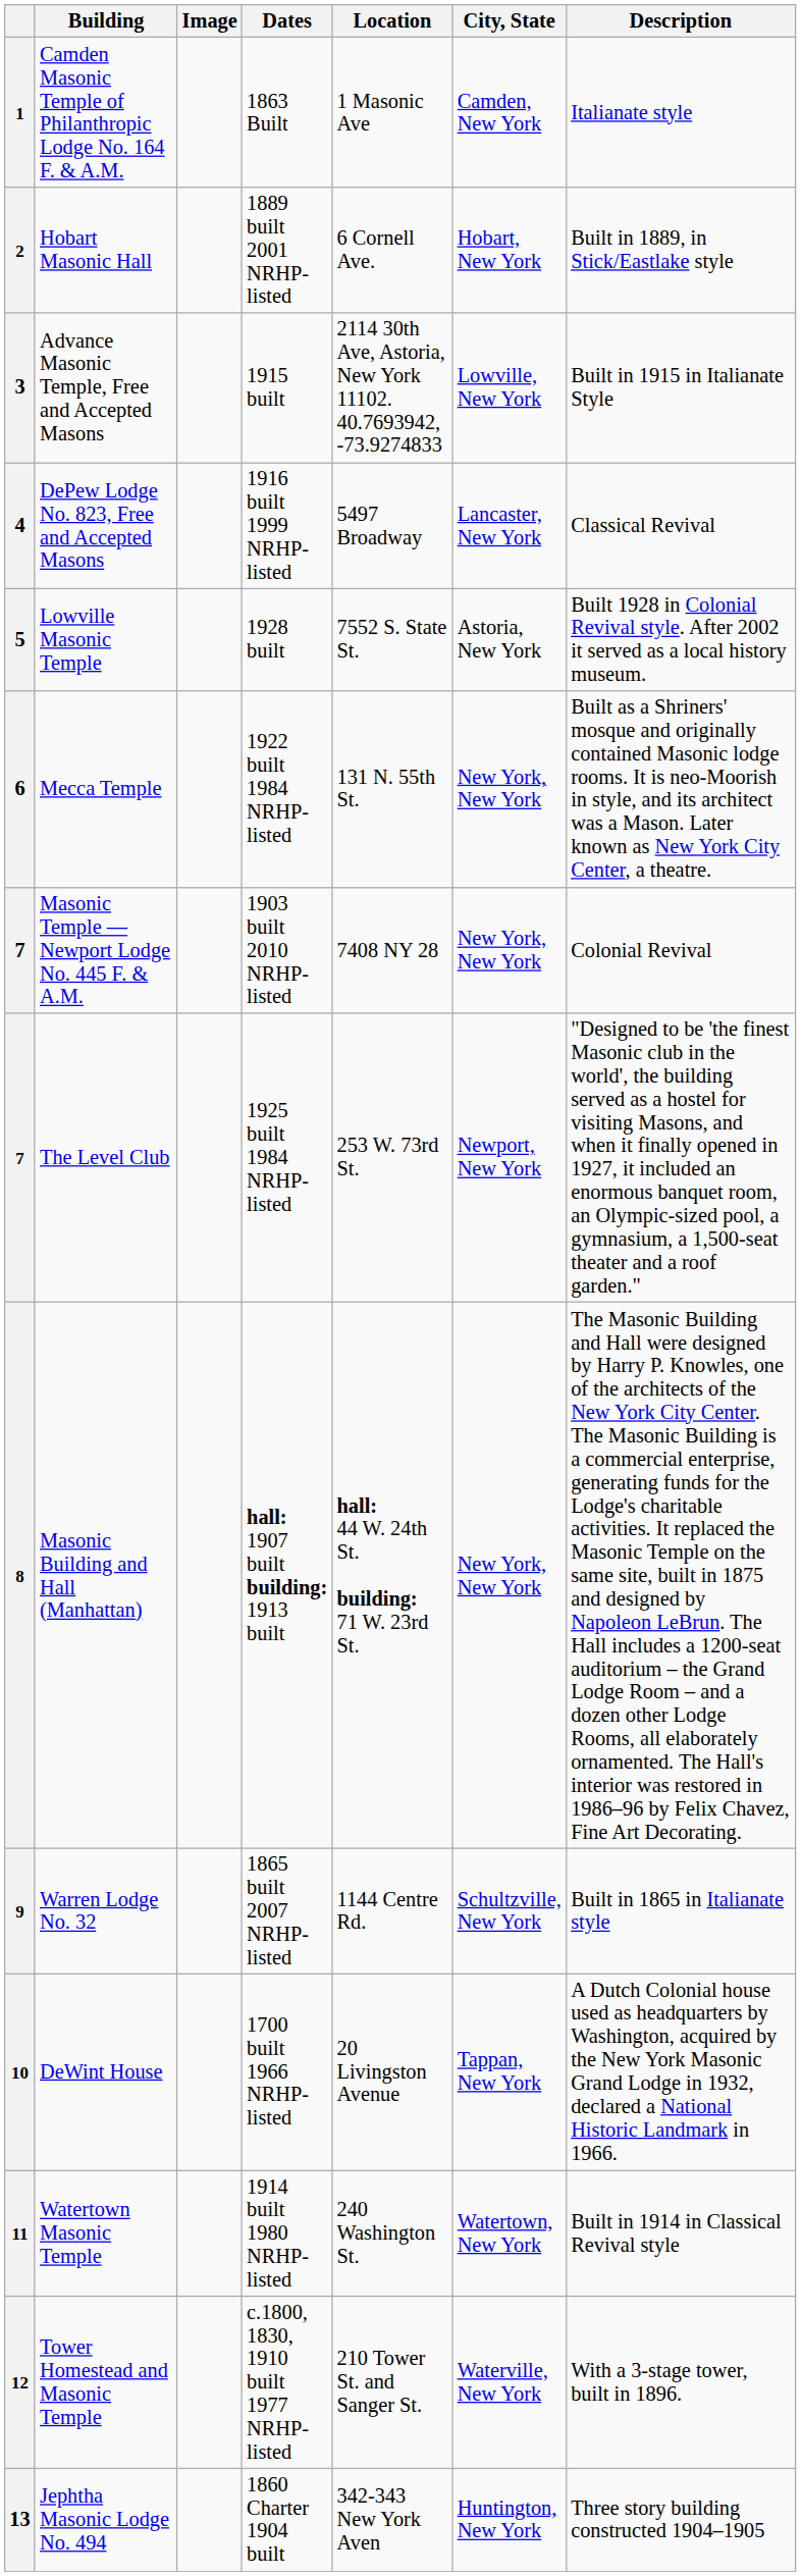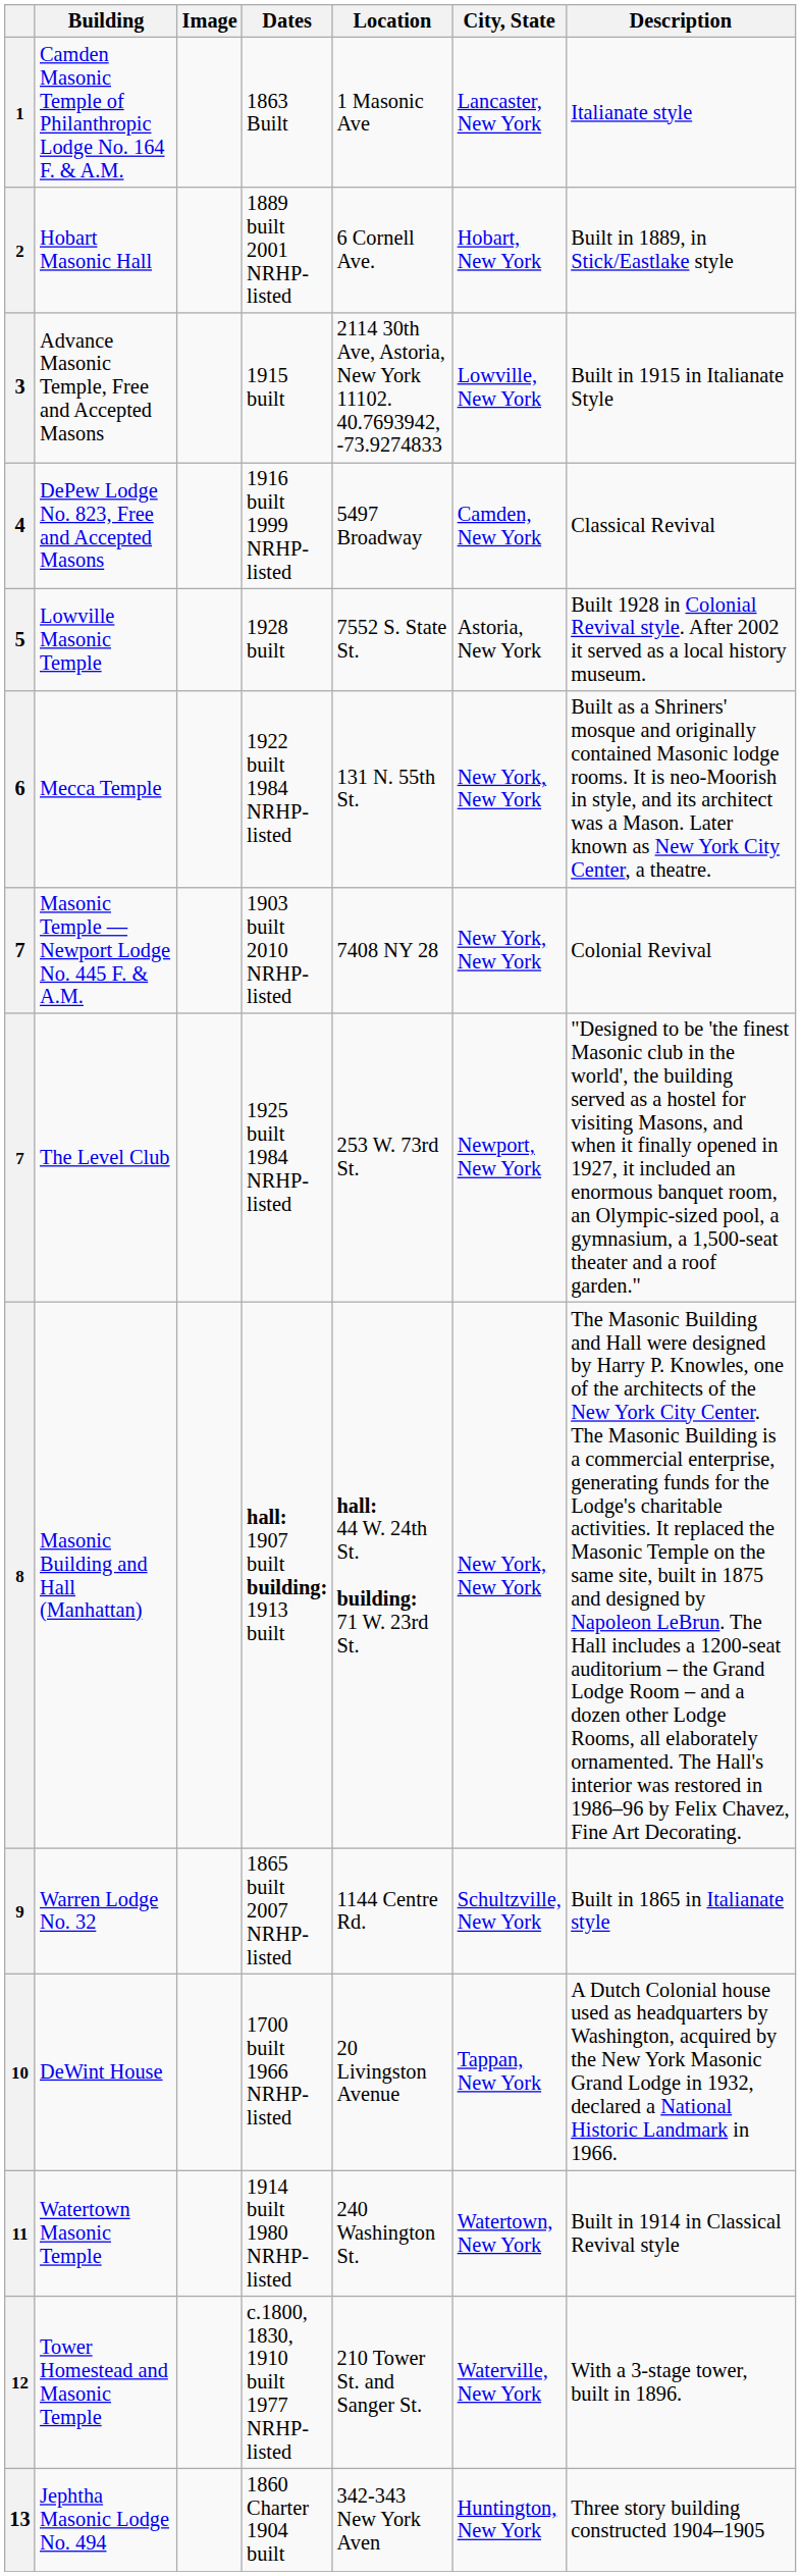 <table class="wikitable sortable" style="width:98%">
 <tr>
 <th></th>
 <th width = 18%><strong>Building</strong></th>
 <th width = 8% class="unsortable"><strong>Image</strong></th>
 <th width = 10%><strong>Dates</strong></th>
 <th><strong>Location</strong></th>
 <th width = 8%><strong>City, State</strong></th>
 <th class="unsortable"><strong>Description</strong></th>
 </tr>
 <tr ->
 <th><small>1</small></th>
 <td><a href='#'>Camden Masonic Temple of Philanthropic Lodge No. 164 F. & A.M.</a></td>
 <td></td>
 <td>1863 Built</td>
 <td>1 Masonic Ave <br><small></small></td>
-<td><a href='#'>Camden, New York</a></td>
+<td><a href='#'>Lancaster, New York</a></td>
 <td><a href='#'>Italianate style</a></td>
 </tr>
 <tr ->
 <th><small>2</small></th>
 <td><a href='#'>Hobart Masonic Hall</a></td>
 <td></td>
 <td>1889 built<br>2001 NRHP-listed</td>
 <td>6 Cornell Ave.<br><small></small></td>
 <td><a href='#'>Hobart, New York</a></td>
 <td>Built in 1889, in <a href='#'>Stick/Eastlake</a> style</td>
 </tr>
 <tr>
 <th>3</th>
 <td>Advance Masonic Temple, Free and Accepted Masons</td>
 <td></td>
 <td>1915 built</td>
 <td>2114 30th Ave, Astoria, New York 11102.<br>40.7693942, -73.9274833</td>
 <td><a href='#'>Lowville, New York</a></td>
 <td>Built in 1915 in Italianate Style</td>
 </tr>
 <tr ->
 <th>4</th>
 <td><a href='#'>DePew Lodge No. 823, Free and Accepted Masons</a></td>
 <td></td>
 <td>1916 built<br>1999 NRHP-listed</td>
 <td>5497 Broadway<br><small></small></td>
-<td><a href='#'>Lancaster, New York</a></td>
+<td><a href='#'>Camden, New York</a></td>
 <td>Classical Revival</td>
 </tr>
 <tr ->
 <th>5</th>
 <td><a href='#'>Lowville Masonic Temple</a></td>
 <td></td>
 <td>1928 built</td>
 <td>7552 S. State St.<br><small></small></td>
 <td>Astoria, New York</td>
 <td>Built 1928 in <a href='#'>Colonial Revival style</a>.  After 2002 it served as a local history museum.</td>
 </tr>
 <tr ->
 <th>6</th>
 <td><a href='#'>Mecca Temple</a></td>
 <td></td>
 <td>1922 built<br>1984 NRHP-listed</td>
 <td>131 N. 55th St.<br><small></small></td>
 <td><a href='#'>New York, New York</a></td>
 <td>Built as a Shriners' mosque and originally contained Masonic lodge rooms.  It is neo-Moorish in style, and its architect was a Mason.  Later known as <a href='#'>New York City Center</a>, a theatre.</td>
 </tr>
 <tr ->
 <th>7</th>
 <td><a href='#'>Masonic Temple — Newport Lodge No. 445 F. & A.M.</a></td>
 <td></td>
 <td>1903 built<br>2010 NRHP-listed</td>
 <td>7408 NY 28<br><small></small></td>
 <td><a href='#'>New York, New York</a></td>
 <td>Colonial Revival</td>
 </tr>
 <tr ->
 <th><small>7</small></th>
 <td><a href='#'>The Level Club</a></td>
 <td></td>
 <td>1925 built<br>1984 NRHP-listed</td>
 <td>253 W. 73rd St.<br><small></small></td>
 <td><a href='#'>Newport, New York</a></td>
 <td>"Designed to be 'the finest Masonic club in the world', the building served as a hostel for visiting Masons, and when it finally opened in 1927, it included an enormous banquet room, an Olympic-sized pool, a gymnasium, a 1,500-seat theater and a roof garden."</td>
 </tr>
 <tr ->
 <th><small>8</small></th>
 <td><a href='#'>Masonic Building and Hall (Manhattan)</a></td>
 <td></td>
 <td><strong>hall:</strong><br>1907 built<br><strong>building:</strong><br>1913 built<br></td>
 <td><strong>hall:</strong><br>44 W. 24th St.<br><small></small><br><strong>building:</strong><br>71 W. 23rd St.<br><small></small></td>
 <td><a href='#'>New York, New York</a></td>
 <td>The Masonic Building and Hall were designed by Harry P. Knowles, one of the architects of the <a href='#'>New York City Center</a>.  The Masonic Building is a commercial enterprise, generating funds for the Lodge's charitable activities.  It replaced the Masonic Temple on the same site, built in 1875 and designed by <a href='#'>Napoleon LeBrun</a>.  The Hall includes a 1200-seat auditorium – the Grand Lodge Room – and a dozen other Lodge Rooms, all elaborately ornamented.  The Hall's interior was restored in 1986–96 by Felix Chavez, Fine Art Decorating.</td>
 </tr>
 <tr ->
 <th><small>9</small></th>
 <td><a href='#'>Warren Lodge No. 32</a></td>
 <td></td>
 <td>1865 built<br>2007 NRHP-listed</td>
 <td>1144 Centre Rd.<br><small></small></td>
 <td><a href='#'>Schultzville, New York</a></td>
 <td>Built in 1865 in <a href='#'>Italianate style</a></td>
 </tr>
 <tr ->
 <th><small>10</small></th>
 <td><a href='#'>DeWint House</a></td>
 <td></td>
 <td>1700 built<br>1966 NRHP-listed</td>
 <td>20 Livingston Avenue<br><small></small></td>
 <td><a href='#'>Tappan, New York</a></td>
 <td>A Dutch Colonial house used as headquarters by Washington, acquired by the New York Masonic Grand Lodge in 1932, declared a <a href='#'>National Historic Landmark</a> in 1966.</td>
 </tr>
 <tr ->
 <th><small>11</small></th>
 <td><a href='#'>Watertown Masonic Temple</a></td>
 <td></td>
 <td>1914 built<br>1980 NRHP-listed</td>
 <td>240 Washington St.<br><small></small></td>
 <td><a href='#'>Watertown, New York</a></td>
 <td>Built in 1914 in Classical Revival style</td>
 </tr>
 <tr ->
 <th><small>12</small></th>
 <td><a href='#'>Tower Homestead and Masonic Temple</a></td>
 <td></td>
 <td>c.1800, 1830, 1910 built<br>1977 NRHP-listed</td>
 <td>210 Tower St. and Sanger St.<br><small></small></td>
 <td><a href='#'>Waterville, New York</a></td>
 <td>With a 3-stage tower, built in 1896.</td>
 </tr>
 <tr>
 <th>13</th>
 <td><a href='#'>Jephtha Masonic Lodge No. 494</a></td>
 <td></td>
 <td>1860 Charter<br>1904 built</td>
 <td>342-343 New York Aven</td>
 <td><a href='#'>Huntington, New York</a></td>
 <td>Three story building constructed 1904–1905</td>
 </tr>
 <tr ->
 </tr>
 </table>
